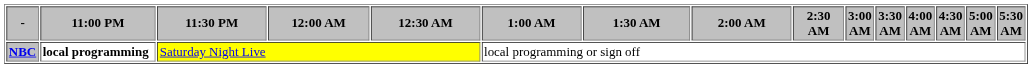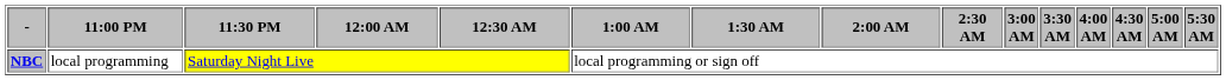 <table border="1" cellpadding="2">
 <tr>
 <th bgcolor="#C0C0C0">-</th>
 <th width="13%" bgcolor="#C0C0C0">11:00 PM</th>
 <th width="14%" bgcolor="#C0C0C0">11:30 PM</th>
 <th width="13%" bgcolor="#C0C0C0">12:00 AM</th>
 <th width="14%" bgcolor="#C0C0C0">12:30 AM</th>
 <th width="13%" bgcolor="#C0C0C0">1:00 AM</th>
 <th width="14%" bgcolor="#C0C0C0">1:30 AM</th>
 <th width="13%" bgcolor="#C0C0C0">2:00 AM</th>
 <th width="14%" bgcolor="#C0C0C0">2:30 AM</th>
 <th width="13%" bgcolor="#C0C0C0">3:00 AM</th>
 <th width="14%" bgcolor="#C0C0C0">3:30 AM</th>
 <th width="13%" bgcolor="#C0C0C0">4:00 AM</th>
 <th width="14%" bgcolor="#C0C0C0">4:30 AM</th>
 <th width="13%" bgcolor="#C0C0C0">5:00 AM</th>
 <th width="14%" bgcolor="#C0C0C0">5:30 AM</th>
 </tr>
 <tr>
 <th bgcolor="#C0C0C0"><a href='#'>NBC</a></th>
-<td bgcolor="white"><strong>local programming</strong></td>
+<td bgcolor="white">local programming</td>
 <td bgcolor="yellow" colspan="3"><a href='#'>Saturday Night Live</a></td>
 <td bgcolor="white" colspan="10">local programming or sign off</td>
 </tr>
 </table>
